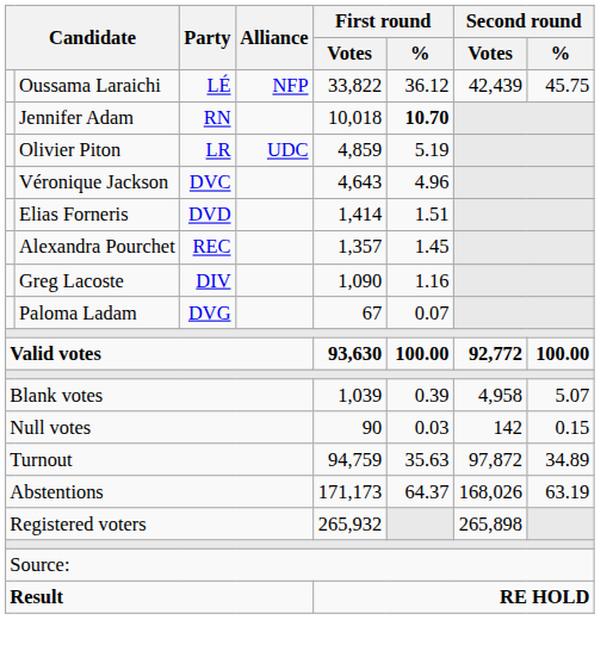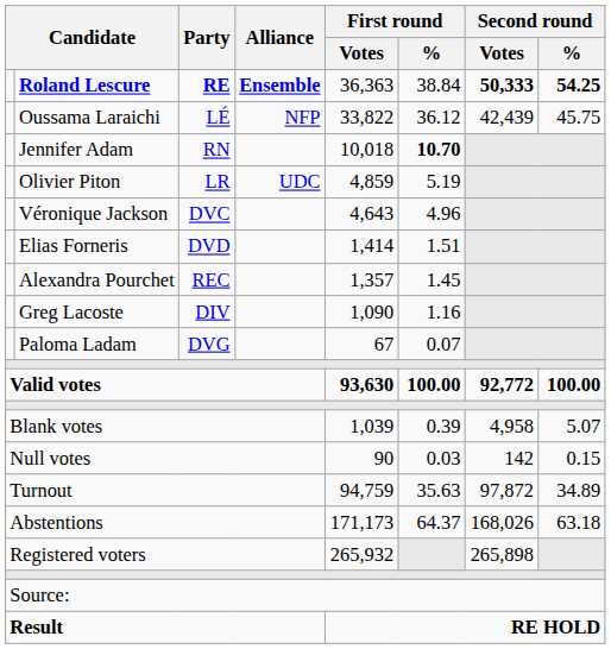 <table class="wikitable" style="text-align:right;font-size:95%;">
 <tr>
 <th colspan="2" rowspan="2">Candidate</th>
 <th colspan="1" rowspan="2">Party</th>
 <th colspan="1" rowspan="2">Alliance</th>
 <th colspan="2">First round</th>
 <th colspan="2">Second round</th>
 </tr>
 <tr>
 <th style="width:50px;">Votes</th>
 <th style="width:45px;">%</th>
 <th style="width:50px;">Votes</th>
 <th style="width:45px;">%</th>
+</tr>
+<tr>
+<td style="color:inherit;background:"></td>
+<td style="text-align:left;"><strong><a href='#'>Roland Lescure</a></strong></td>
+<td><a href='#'><strong>RE</strong></a></td>
+<td><a href='#'><strong>Ensemble</strong></a></td>
+<td>36,363</td>
+<td>38.84</td>
+<td><strong>50,333</strong></td>
+<td><strong>54.25</strong></td>
 </tr>
 <tr>
 <td style="color:inherit;background:"></td>
 <td style="text-align:left;">Oussama Laraichi</td>
 <td><a href='#'>LÉ</a></td>
 <td><a href='#'>NFP</a></td>
 <td>33,822</td>
 <td>36.12</td>
 <td>42,439</td>
 <td>45.75</td>
 </tr>
 <tr>
 <td style="color:inherit;background:"></td>
 <td style="text-align:left;">Jennifer Adam</td>
 <td><a href='#'>RN</a></td>
 <td></td>
 <td>10,018</td>
 <td><strong>10.70</strong></td>
 <td colspan="2" rowspan="1" style="background:#E9E9E9;"></td>
 </tr>
 <tr>
 <td style="color:inherit;background:"></td>
 <td style="text-align:left;">Olivier Piton</td>
 <td><a href='#'>LR</a></td>
 <td><a href='#'>UDC</a></td>
 <td>4,859</td>
 <td>5.19</td>
 <td colspan="2" rowspan="1" style="background:#E9E9E9;"></td>
 </tr>
 <tr>
 <td style="color:inherit;background:"></td>
 <td style="text-align:left;">Véronique Jackson</td>
 <td><a href='#'>DVC</a></td>
 <td></td>
 <td>4,643</td>
 <td>4.96</td>
 <td colspan="2" rowspan="1" style="background:#E9E9E9;"></td>
 </tr>
 <tr>
 <td style="color:inherit;background:"></td>
 <td style="text-align:left;">Elias Forneris</td>
 <td><a href='#'>DVD</a></td>
 <td></td>
 <td>1,414</td>
 <td>1.51</td>
 <td colspan="2" rowspan="1" style="background:#E9E9E9;"></td>
 </tr>
 <tr>
 <td style="color:inherit;background:"></td>
 <td style="text-align:left;">Alexandra Pourchet</td>
 <td><a href='#'>REC</a></td>
 <td></td>
 <td>1,357</td>
 <td>1.45</td>
 <td colspan="2" rowspan="1" style="background:#E9E9E9;"></td>
 </tr>
 <tr>
 <td style="color:inherit;background:"></td>
 <td style="text-align:left;">Greg Lacoste</td>
 <td><a href='#'>DIV</a></td>
 <td></td>
 <td>1,090</td>
 <td>1.16</td>
 <td colspan="2" rowspan="1" style="background:#E9E9E9;"></td>
 </tr>
 <tr>
 <td style="color:inherit;background:"></td>
 <td style="text-align:left;">Paloma Ladam</td>
 <td><a href='#'>DVG</a></td>
 <td></td>
 <td>67</td>
 <td>0.07</td>
 <td colspan="2" rowspan="1" style="background:#E9E9E9;"></td>
 </tr>
 <tr>
 <td colspan="8" style="background:#E9E9E9;"></td>
 </tr>
 <tr style="font-weight:bold;">
 <td colspan="4" style="text-align:left;">Valid votes</td>
 <td>93,630</td>
 <td>100.00</td>
 <td>92,772</td>
 <td>100.00</td>
 </tr>
 <tr>
 <td colspan="8" style="background:#E9E9E9;"></td>
 </tr>
 <tr>
 <td colspan="4" style="text-align:left;">Blank votes</td>
 <td>1,039</td>
 <td>0.39</td>
 <td>4,958</td>
 <td>5.07</td>
 </tr>
 <tr>
 <td colspan="4" style="text-align:left;">Null votes</td>
 <td>90</td>
 <td>0.03</td>
 <td>142</td>
 <td>0.15</td>
 </tr>
 <tr>
 <td colspan="4" style="text-align:left;">Turnout</td>
 <td>94,759</td>
 <td>35.63</td>
 <td>97,872</td>
 <td>34.89</td>
 </tr>
 <tr>
 <td colspan="4" style="text-align:left;">Abstentions</td>
 <td>171,173</td>
 <td>64.37</td>
 <td>168,026</td>
-<td>63.19</td>
+<td>63.18</td>
 </tr>
 <tr>
 <td colspan="4" style="text-align:left;">Registered voters</td>
 <td>265,932</td>
 <td style="background:#E9E9E9;"></td>
 <td>265,898</td>
 <td style="background:#E9E9E9;"></td>
 </tr>
 <tr>
 <td colspan="8" style="background:#E9E9E9;"></td>
 </tr>
 <tr>
 <td colspan="8" style="text-align:left;">Source: </td>
 </tr>
 <tr style="font-weight:bold">
 <td colspan="4" style="text-align:left;">Result</td>
 <td colspan="4" style="background-color:">RE HOLD</td>
 </tr>
 </table>
